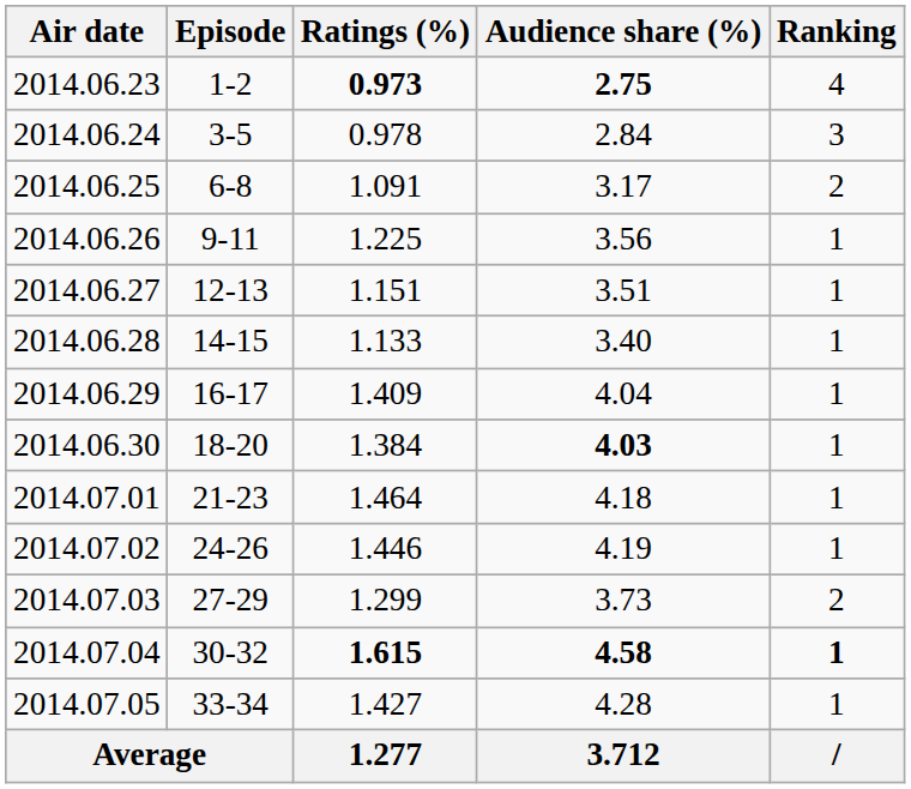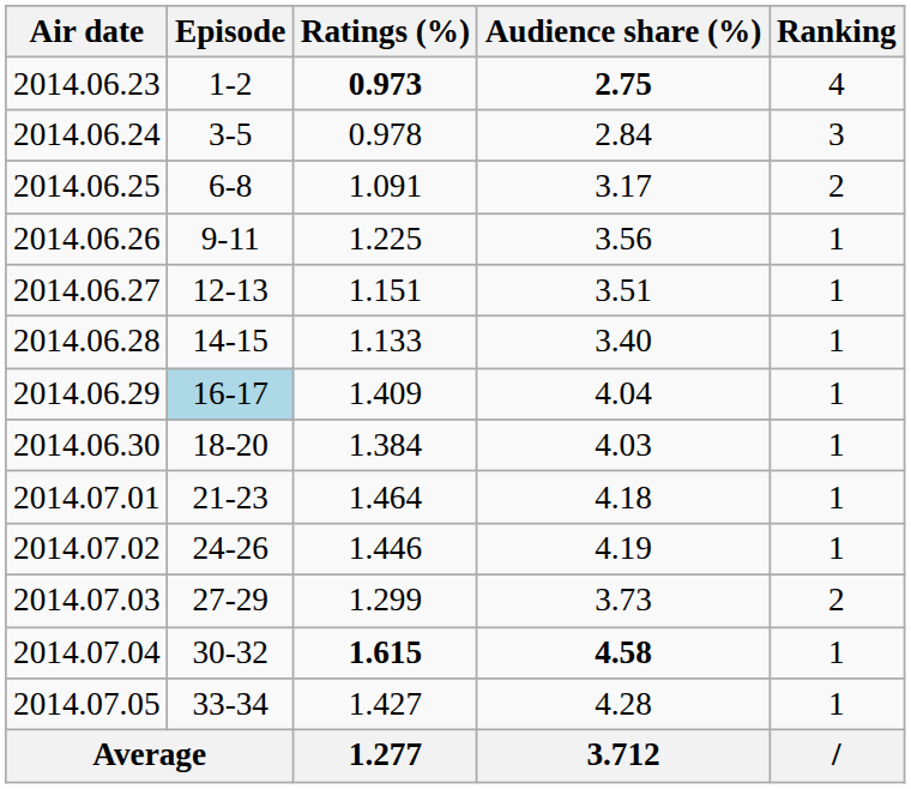 <table class="wikitable sortable mw-collapsible jquery-tablesorter" style="text-align:center">
 <tr>
 <th><strong>Air date</strong></th>
 <th><strong>Episode</strong></th>
 <th><strong>Ratings (%)</strong></th>
 <th><strong>Audience share (%)</strong></th>
 <th><strong>Ranking</strong></th>
 </tr>
 <tr>
 <td>2014.06.23</td>
 <td>1-2</td>
 <td><strong><span>0.973</span></strong></td>
 <td><strong><span>2.75</span></strong></td>
 <td>4</td>
 </tr>
 <tr>
 <td>2014.06.24</td>
 <td>3-5</td>
 <td>0.978</td>
 <td>2.84</td>
 <td>3</td>
 </tr>
 <tr>
 <td>2014.06.25</td>
 <td>6-8</td>
 <td>1.091</td>
 <td>3.17</td>
 <td>2</td>
 </tr>
 <tr>
 <td>2014.06.26</td>
 <td>9-11</td>
 <td>1.225</td>
 <td>3.56</td>
 <td>1</td>
 </tr>
 <tr>
 <td>2014.06.27</td>
 <td>12-13</td>
 <td>1.151</td>
 <td>3.51</td>
 <td>1</td>
 </tr>
 <tr>
 <td>2014.06.28</td>
 <td>14-15</td>
 <td>1.133</td>
 <td>3.40</td>
 <td>1</td>
 </tr>
 <tr>
 <td>2014.06.29</td>
-<td>16-17</td>
+<td style="background: lightblue;">16-17</td>
 <td>1.409</td>
 <td>4.04</td>
 <td>1</td>
 </tr>
 <tr>
 <td>2014.06.30</td>
 <td>18-20</td>
 <td>1.384</td>
-<td><strong>4.03</strong></td>
+<td>4.03</td>
 <td>1</td>
 </tr>
 <tr>
 <td>2014.07.01</td>
 <td>21-23</td>
 <td>1.464</td>
 <td>4.18</td>
 <td>1</td>
 </tr>
 <tr>
 <td>2014.07.02</td>
 <td>24-26</td>
 <td>1.446</td>
 <td>4.19</td>
 <td>1</td>
 </tr>
 <tr>
 <td>2014.07.03</td>
 <td>27-29</td>
 <td>1.299</td>
 <td>3.73</td>
 <td>2</td>
 </tr>
 <tr>
 <td>2014.07.04</td>
 <td>30-32</td>
 <td><strong><span>1.615</span></strong></td>
 <td><strong><span>4.58</span></strong></td>
-<td><strong>1</strong></td>
+<td>1</td>
 </tr>
 <tr>
 <td>2014.07.05</td>
 <td>33-34</td>
 <td>1.427</td>
 <td>4.28</td>
 <td>1</td>
 </tr>
 <tr>
 <th colspan="2"><strong>Average</strong></th>
 <th><strong>1.277</strong></th>
 <th><strong>3.712</strong></th>
 <th><strong>/</strong></th>
 </tr>
 </table>
